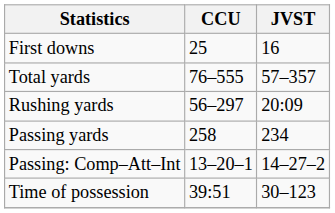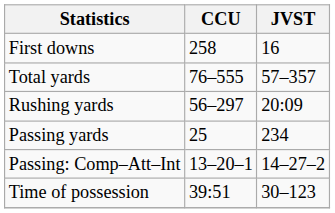 <table class="wikitable" style="float: left;">
 <tr>
 <th>Statistics</th>
 <th>CCU</th>
 <th>JVST</th>
 </tr>
 <tr>
 <td>First downs</td>
-<td>25</td>
+<td>258</td>
 <td>16</td>
 </tr>
 <tr>
 <td>Total yards</td>
 <td>76–555</td>
 <td>57–357</td>
 </tr>
 <tr>
 <td>Rushing yards</td>
 <td>56–297</td>
 <td>20:09</td>
 </tr>
 <tr>
 <td>Passing yards</td>
-<td>258</td>
+<td>25</td>
 <td>234</td>
 </tr>
 <tr>
 <td>Passing: Comp–Att–Int</td>
 <td>13–20–1</td>
 <td>14–27–2</td>
 </tr>
 <tr>
 <td>Time of possession</td>
 <td>39:51</td>
 <td>30–123</td>
 </tr>
 <tr>
 </tr>
 </table>
